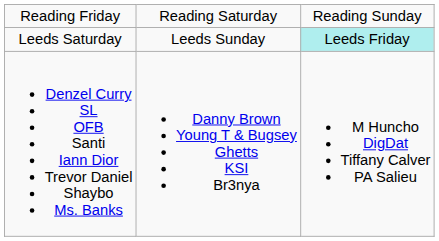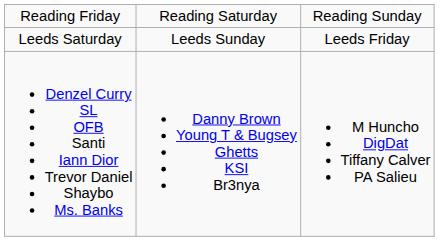 <table class="wikitable" style="text-align:center;">
 <tr>
 <td>Reading Friday</td>
 <td>Reading Saturday</td>
 <td>Reading Sunday</td>
 </tr>
 <tr>
 <td>Leeds Saturday</td>
 <td>Leeds Sunday</td>
-<td style="background: paleturquoise;">Leeds Friday</td>
+<td>Leeds Friday</td>
 </tr>
 <tr>
 <td><br><ul><li><a href='#'>Denzel Curry</a></li><li><a href='#'>SL</a></li><li><a href='#'>OFB</a></li><li>Santi</li><li><a href='#'>Iann Dior</a></li><li>Trevor Daniel</li><li>Shaybo</li><li><a href='#'>Ms. Banks</a></li></ul></td>
 <td><br><ul><li><a href='#'>Danny Brown</a></li><li><a href='#'>Young T & Bugsey</a></li><li><a href='#'>Ghetts</a></li><li><a href='#'>KSI</a></li><li>Br3nya</li></ul></td>
 <td><br><ul><li>M Huncho</li><li><a href='#'>DigDat</a></li><li>Tiffany Calver</li><li>PA Salieu</li></ul></td>
 </tr>
 </table>
